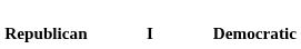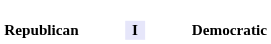 <table style="width:60%; text-align:center;">
 <tr style="color:white;">
 <td style="background:">33</td>
 <td style="background:">1</td>
 <td style="background:">15</td>
 </tr>
 <tr>
 <td><span><strong>Republican</strong></span></td>
-<td><span><strong>I</strong></span></td>
+<td style="background: lavender;"><span><strong>I</strong></span></td>
 <td><span><strong>Democratic</strong></span></td>
 </tr>
 </table>
